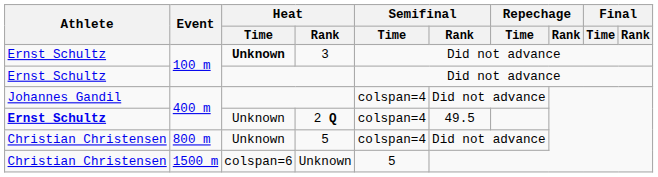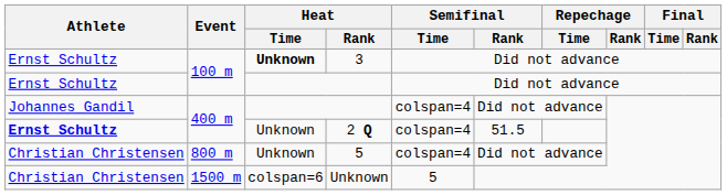 <table class=wikitable style=font-size:90%;text-align:center>
 <tr>
 <th rowspan=2>Athlete</th>
 <th rowspan=2>Event</th>
 <th colspan=2>Heat</th>
 <th colspan=2>Semifinal</th>
 <th colspan=2>Repechage</th>
 <th colspan=2>Final</th>
 </tr>
 <tr style=font-size:95%>
 <th>Time</th>
 <th>Rank</th>
 <th>Time</th>
 <th>Rank</th>
 <th>Time</th>
 <th>Rank</th>
 <th>Time</th>
 <th>Rank</th>
 </tr>
 <tr>
 <td align=left><a href='#'>Ernst Schultz</a></td>
 <td align=left rowspan=2><a href='#'>100 m</a></td>
 <td><strong>Unknown</strong></td>
 <td>3</td>
 <td colspan=6>Did not advance</td>
 </tr>
 <tr>
 <td align=left><a href='#'>Ernst Schultz</a></td>
 <td colspan=2></td>
 <td colspan=6>Did not advance</td>
 </tr>
 <tr>
 <td align=left><a href='#'>Johannes Gandil</a></td>
 <td align=left rowspan=2><a href='#'>400 m</a></td>
 <td colspan=2></td>
 <td>colspan=4 </td>
 <td colspan=2>Did not advance</td>
 </tr>
 <tr>
 <td align=left><strong><a href='#'>Ernst Schultz</a></strong></td>
 <td>Unknown</td>
 <td>2 <strong>Q</strong></td>
 <td>colspan=4 </td>
-<td>49.5</td>
+<td>51.5</td>
 <td></td>
 </tr>
 <tr>
 <td align=left><a href='#'>Christian Christensen</a></td>
 <td align=left><a href='#'>800 m</a></td>
 <td>Unknown</td>
 <td>5</td>
 <td>colspan=4 </td>
 <td colspan=2>Did not advance</td>
 </tr>
 <tr>
 <td align=left><a href='#'>Christian Christensen</a></td>
 <td align=left><a href='#'>1500 m</a></td>
 <td>colspan=6 </td>
 <td>Unknown</td>
 <td>5</td>
 </tr>
 </table>
